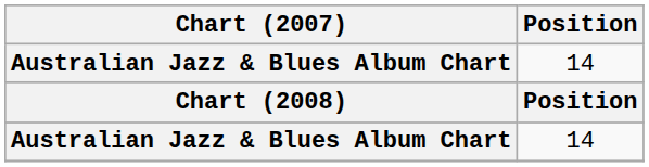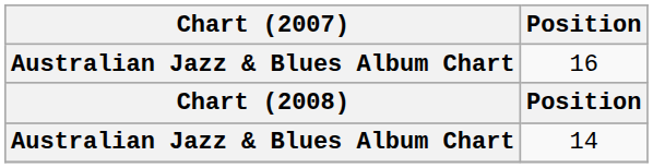 <table class="wikitable sortable plainrowheaders" style="text-align:center">
 <tr>
 <th scope="col">Chart (2007)</th>
 <th scope="col">Position</th>
 </tr>
 <tr>
 <th scope="row">Australian Jazz & Blues Album Chart</th>
-<td>14</td>
+<td>16</td>
 </tr>
 <tr>
 <th>Chart (2008)</th>
 <th>Position</th>
 </tr>
 <tr>
 <th scope="row">Australian Jazz & Blues Album Chart</th>
 <td>14</td>
 </tr>
 <tr>
 </tr>
 </table>
